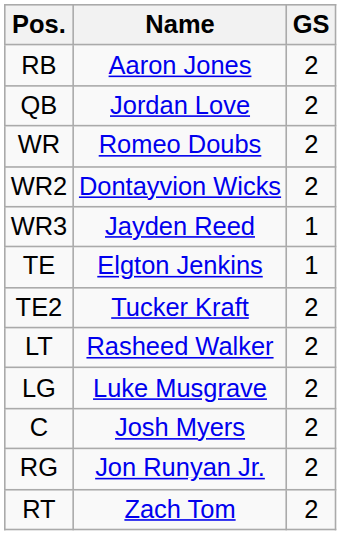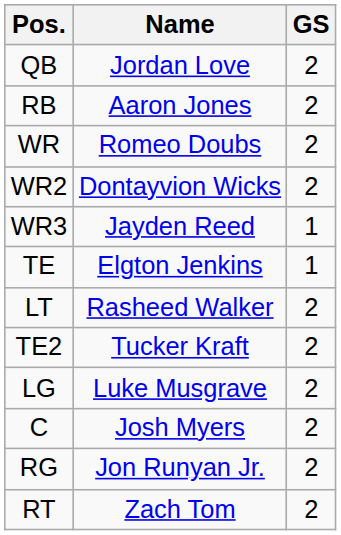 <table class="wikitable" style="text-align:center">
 <tr>
 <th>Pos.</th>
 <th>Name</th>
 <th>GS</th>
 </tr>
 <tr>
-<td>RB</td>
-<td><a href='#'>Aaron Jones</a></td>
+<td>QB</td>
+<td><a href='#'>Jordan Love</a></td>
 <td>2</td>
 </tr>
 <tr>
-<td>QB</td>
-<td><a href='#'>Jordan Love</a></td>
+<td>RB</td>
+<td><a href='#'>Aaron Jones</a></td>
 <td>2</td>
 </tr>
 <tr>
 <td>WR</td>
 <td><a href='#'>Romeo Doubs</a></td>
 <td>2</td>
 </tr>
 <tr>
 <td>WR2</td>
 <td><a href='#'>Dontayvion Wicks</a></td>
 <td>2</td>
 </tr>
 <tr>
 <td>WR3</td>
 <td><a href='#'>Jayden Reed</a></td>
 <td>1</td>
 </tr>
 <tr>
 <td>TE</td>
 <td><a href='#'>Elgton Jenkins</a></td>
 <td>1</td>
 </tr>
 <tr>
-<td>TE2</td>
-<td><a href='#'>Tucker Kraft</a></td>
+<td>LT</td>
+<td><a href='#'>Rasheed Walker</a></td>
 <td>2</td>
 </tr>
 <tr>
-<td>LT</td>
-<td><a href='#'>Rasheed Walker</a></td>
+<td>TE2</td>
+<td><a href='#'>Tucker Kraft</a></td>
 <td>2</td>
 </tr>
 <tr>
 <td>LG</td>
 <td><a href='#'>Luke Musgrave</a></td>
 <td>2</td>
 </tr>
 <tr>
 <td>C</td>
 <td><a href='#'>Josh Myers</a></td>
 <td>2</td>
 </tr>
 <tr>
 <td>RG</td>
 <td><a href='#'>Jon Runyan Jr.</a></td>
 <td>2</td>
 </tr>
 <tr>
 <td>RT</td>
 <td><a href='#'>Zach Tom</a></td>
 <td>2</td>
 </tr>
 </table>
